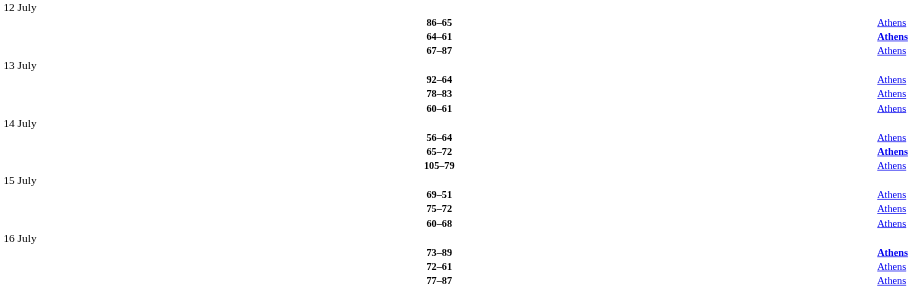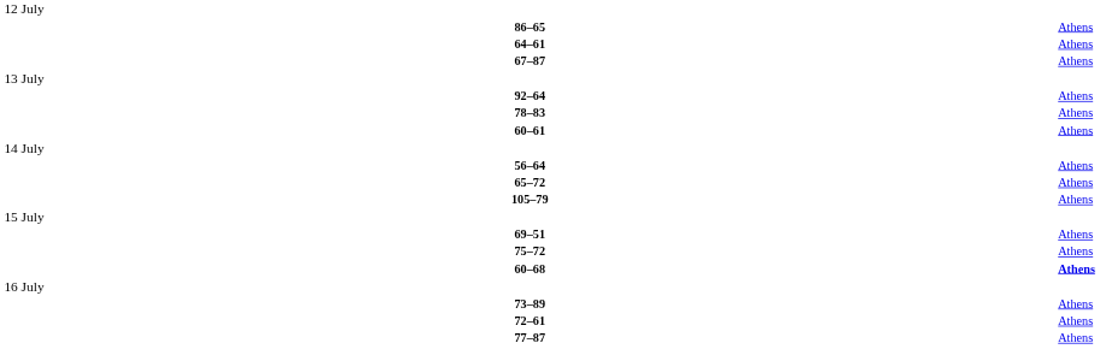 <table style="width:100%;" cellspacing="1">
 <tr>
 <th width=25%></th>
 <th width=3%></th>
 <th width=6%></th>
 <th width=3%></th>
 <th width=25%></th>
 </tr>
 <tr>
 <td>12 July</td>
 </tr>
 <tr style=font-size:90%>
 <td align=right><strong></strong></td>
 <td></td>
 <td align=center><strong>86–65</strong></td>
 <td></td>
 <td><strong></strong></td>
 <td><a href='#'>Athens</a></td>
 </tr>
 <tr style=font-size:90%>
 <td align=right><strong></strong></td>
 <td></td>
 <td align=center><strong>64–61</strong></td>
 <td></td>
 <td><strong></strong></td>
-<td><strong><a href='#'>Athens</a></strong></td>
+<td><a href='#'>Athens</a></td>
 </tr>
 <tr style=font-size:90%>
 <td align=right><strong></strong></td>
 <td></td>
 <td align=center><strong>67–87</strong></td>
 <td></td>
 <td><strong></strong></td>
 <td><a href='#'>Athens</a></td>
 </tr>
 <tr>
 <td>13 July</td>
 </tr>
 <tr style=font-size:90%>
 <td align=right><strong></strong></td>
 <td></td>
 <td align=center><strong>92–64</strong></td>
 <td></td>
 <td><strong></strong></td>
 <td><a href='#'>Athens</a></td>
 </tr>
 <tr style=font-size:90%>
 <td align=right><strong></strong></td>
 <td></td>
 <td align=center><strong>78–83</strong></td>
 <td></td>
 <td><strong></strong></td>
 <td><a href='#'>Athens</a></td>
 </tr>
 <tr style=font-size:90%>
 <td align=right><strong></strong></td>
 <td></td>
 <td align=center><strong>60–61</strong></td>
 <td></td>
 <td><strong></strong></td>
 <td><a href='#'>Athens</a></td>
 </tr>
 <tr>
 <td>14 July</td>
 </tr>
 <tr style=font-size:90%>
 <td align=right><strong></strong></td>
 <td></td>
 <td align=center><strong>56–64</strong></td>
 <td></td>
 <td><strong></strong></td>
 <td><a href='#'>Athens</a></td>
 </tr>
 <tr style=font-size:90%>
 <td align=right><strong></strong></td>
 <td></td>
 <td align=center><strong>65–72</strong></td>
 <td></td>
 <td><strong></strong></td>
-<td><strong><a href='#'>Athens</a></strong></td>
+<td><a href='#'>Athens</a></td>
 </tr>
 <tr style=font-size:90%>
 <td align=right><strong></strong></td>
 <td></td>
 <td align=center><strong>105–79</strong></td>
 <td></td>
 <td><strong></strong></td>
 <td><a href='#'>Athens</a></td>
 </tr>
 <tr>
 <td>15 July</td>
 </tr>
 <tr style=font-size:90%>
 <td align=right><strong></strong></td>
 <td></td>
 <td align=center><strong>69–51</strong></td>
 <td></td>
 <td><strong></strong></td>
 <td><a href='#'>Athens</a></td>
 </tr>
 <tr style=font-size:90%>
 <td align=right><strong></strong></td>
 <td></td>
 <td align=center><strong>75–72</strong></td>
 <td></td>
 <td><strong></strong></td>
 <td><a href='#'>Athens</a></td>
 </tr>
 <tr style=font-size:90%>
 <td align=right><strong></strong></td>
 <td></td>
 <td align=center><strong>60–68</strong></td>
 <td></td>
 <td><strong></strong></td>
-<td><a href='#'>Athens</a></td>
+<td><strong><a href='#'>Athens</a></strong></td>
 </tr>
 <tr>
 <td>16 July</td>
 </tr>
 <tr style=font-size:90%>
 <td align=right><strong></strong></td>
 <td></td>
 <td align=center><strong>73–89</strong></td>
 <td></td>
 <td><strong></strong></td>
-<td><strong><a href='#'>Athens</a></strong></td>
+<td><a href='#'>Athens</a></td>
 </tr>
 <tr style=font-size:90%>
 <td align=right><strong></strong></td>
 <td></td>
 <td align=center><strong>72–61</strong></td>
 <td></td>
 <td><strong></strong></td>
 <td><a href='#'>Athens</a></td>
 </tr>
 <tr style=font-size:90%>
 <td align=right><strong></strong></td>
 <td></td>
 <td align=center><strong>77–87</strong></td>
 <td></td>
 <td><strong></strong></td>
 <td><a href='#'>Athens</a></td>
 </tr>
 </table>
